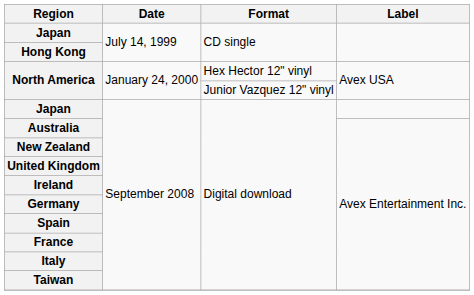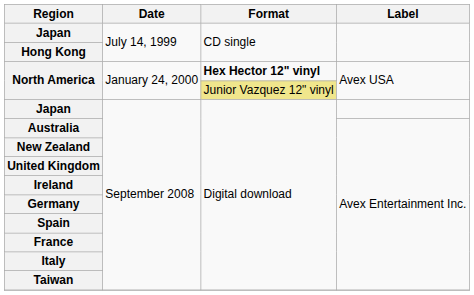 <table class="wikitable plainrowheaders">
 <tr>
 <th scope="col">Region</th>
 <th scope="col">Date</th>
 <th scope="col">Format</th>
 <th scope="col">Label</th>
 </tr>
 <tr>
 <th scope="row">Japan</th>
 <td rowspan="2">July 14, 1999</td>
 <td rowspan="2">CD single</td>
 <td rowspan="2"></td>
 </tr>
 <tr>
 <th scope="row">Hong Kong</th>
 </tr>
 <tr>
 <th scope="row" rowspan="2">North America</th>
 <td rowspan="2">January 24, 2000</td>
-<td>Hex Hector 12" vinyl</td>
+<td><strong>Hex Hector 12" vinyl</strong></td>
 <td rowspan="2">Avex USA</td>
 </tr>
 <tr>
-<td>Junior Vazquez 12" vinyl</td>
+<td style="background: khaki;">Junior Vazquez 12" vinyl</td>
 </tr>
 <tr>
 <th scope="row">Japan</th>
 <td rowspan="10">September 2008</td>
 <td rowspan="10">Digital download</td>
 <td></td>
 </tr>
 <tr>
 <th scope="row">Australia</th>
 <td rowspan="9">Avex Entertainment Inc.</td>
 </tr>
 <tr>
 <th scope="row">New Zealand</th>
 </tr>
 <tr>
 <th scope="row">United Kingdom</th>
 </tr>
 <tr>
 <th scope="row">Ireland</th>
 </tr>
 <tr>
 <th scope="row">Germany</th>
 </tr>
 <tr>
 <th scope="row">Spain</th>
 </tr>
 <tr>
 <th scope="row">France</th>
 </tr>
 <tr>
 <th scope="row">Italy</th>
 </tr>
 <tr>
 <th scope="row">Taiwan</th>
 </tr>
 <tr>
 </tr>
 </table>
